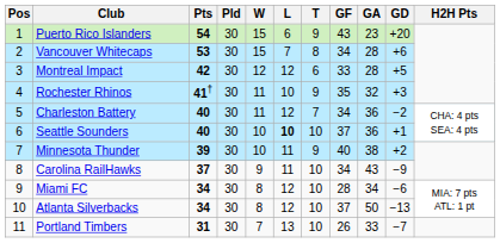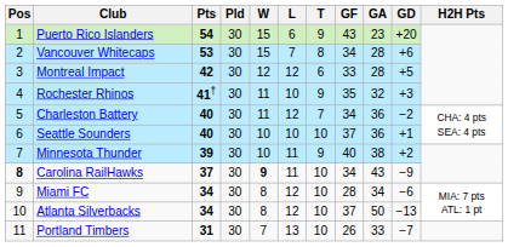 <table class="wikitable" style="text-align:center">
 <tr>
 <th width=30>Pos</th>
 <th width=200>Club</th>
 <th width=30>Pts</th>
 <th width=30>Pld</th>
 <th width=30>W</th>
 <th width=30>L</th>
 <th width=30>T</th>
 <th width=30>GF</th>
 <th width=30>GA</th>
 <th width=30>GD</th>
 <th width=100>H2H Pts</th>
 </tr>
 <tr bgcolor=#D0F0C0>
 <td>1</td>
 <td align="left"><a href='#'>Puerto Rico Islanders</a></td>
 <td><strong>54</strong></td>
 <td>30</td>
 <td>15</td>
 <td>6</td>
 <td>9</td>
 <td>43</td>
 <td>23</td>
 <td>+20</td>
 </tr>
 <tr bgcolor=#BBEBFF>
 <td>2</td>
 <td align="left"><a href='#'>Vancouver Whitecaps</a></td>
 <td><strong>53</strong></td>
 <td>30</td>
 <td>15</td>
 <td>7</td>
 <td>8</td>
 <td>34</td>
 <td>28</td>
 <td>+6</td>
 </tr>
 <tr bgcolor=#BBEBFF>
 <td>3</td>
 <td align="left"><a href='#'>Montreal Impact</a></td>
 <td><strong>42</strong></td>
 <td>30</td>
 <td>12</td>
 <td>12</td>
 <td>6</td>
 <td>33</td>
 <td>28</td>
 <td>+5</td>
 </tr>
 <tr bgcolor=#BBEBFF>
 <td>4</td>
 <td align="left"><a href='#'>Rochester Rhinos</a></td>
 <td><strong>41</strong><sup>†</sup></td>
 <td>30</td>
 <td>11</td>
 <td>10</td>
 <td>9</td>
 <td>35</td>
 <td>32</td>
 <td>+3</td>
 </tr>
 <tr bgcolor=#BBEBFF>
 <td>5</td>
 <td align="left"><a href='#'>Charleston Battery</a></td>
 <td><strong>40</strong></td>
 <td>30</td>
 <td>11</td>
 <td>12</td>
 <td>7</td>
 <td>34</td>
 <td>36</td>
 <td>−2</td>
 <td rowspan="2" bgcolor="FFFFFF"><small>CHA: 4 pts<br>SEA: 4 pts</small></td>
 </tr>
 <tr bgcolor=#BBEBFF>
 <td>6</td>
 <td align="left"><a href='#'>Seattle Sounders</a></td>
 <td><strong>40</strong></td>
 <td>30</td>
 <td>10</td>
-<td><strong>10</strong></td>
+<td>10</td>
 <td>10</td>
 <td>37</td>
 <td>36</td>
 <td>+1</td>
 </tr>
 <tr bgcolor=#BBEBFF>
 <td>7</td>
 <td align="left"><a href='#'>Minnesota Thunder</a></td>
 <td><strong>39</strong></td>
 <td>30</td>
 <td>10</td>
 <td>11</td>
 <td>9</td>
 <td>40</td>
 <td>38</td>
 <td>+2</td>
 </tr>
 <tr>
-<td>8</td>
+<td><strong>8</strong></td>
 <td align="left"><a href='#'>Carolina RailHawks</a></td>
 <td><strong>37</strong></td>
 <td>30</td>
-<td>9</td>
+<td><strong>9</strong></td>
 <td>11</td>
 <td>10</td>
 <td>34</td>
 <td>43</td>
 <td>−9</td>
 </tr>
 <tr>
 <td>9</td>
 <td align="left"><a href='#'>Miami FC</a></td>
 <td><strong>34</strong></td>
 <td>30</td>
 <td>8</td>
 <td>12</td>
 <td>10</td>
 <td>28</td>
 <td>34</td>
 <td>−6</td>
 <td rowspan="2" bgcolor="FFFFFF"><small>MIA: 7 pts<br>ATL: 1 pt</small></td>
 </tr>
 <tr>
 <td>10</td>
 <td align="left"><a href='#'>Atlanta Silverbacks</a></td>
 <td><strong>34</strong></td>
 <td>30</td>
 <td>8</td>
 <td>12</td>
 <td>10</td>
 <td>37</td>
 <td>50</td>
 <td>−13</td>
 </tr>
 <tr>
 <td>11</td>
 <td align="left"><a href='#'>Portland Timbers</a></td>
 <td><strong>31</strong></td>
 <td>30</td>
 <td>7</td>
 <td>13</td>
 <td>10</td>
 <td>26</td>
 <td>33</td>
 <td>−7</td>
 </tr>
 </table>
